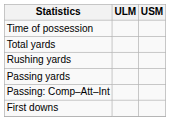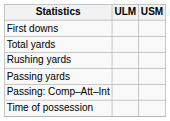 <table class="wikitable" style="float: left;">
 <tr>
 <th>Statistics</th>
 <th>ULM</th>
 <th>USM</th>
 </tr>
 <tr>
-<td>Time of possession</td>
+<td>First downs</td>
 <td></td>
 <td></td>
 </tr>
 <tr>
 <td>Total yards</td>
 <td></td>
 <td></td>
 </tr>
 <tr>
 <td>Rushing yards</td>
 <td></td>
 <td></td>
 </tr>
 <tr>
 <td>Passing yards</td>
 <td></td>
 <td></td>
 </tr>
 <tr>
 <td>Passing: Comp–Att–Int</td>
 <td></td>
 <td></td>
 </tr>
 <tr>
-<td>First downs</td>
+<td>Time of possession</td>
 <td></td>
 <td></td>
 </tr>
 <tr>
 </tr>
 </table>
